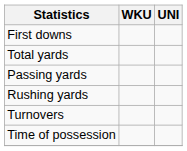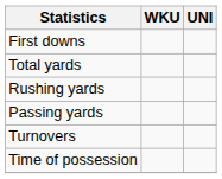 <table class="wikitable" style="float: left;">
 <tr>
 <th>Statistics</th>
 <th>WKU</th>
 <th>UNI</th>
 </tr>
 <tr>
 <td>First downs</td>
 <td></td>
 <td></td>
 </tr>
 <tr>
 <td>Total yards</td>
 <td></td>
 <td></td>
 </tr>
 <tr>
-<td>Passing yards</td>
+<td>Rushing yards</td>
 <td></td>
 <td></td>
 </tr>
 <tr>
-<td>Rushing yards</td>
+<td>Passing yards</td>
 <td></td>
 <td></td>
 </tr>
 <tr>
 <td>Turnovers</td>
 <td></td>
 <td></td>
 </tr>
 <tr>
 <td>Time of possession</td>
 <td></td>
 <td></td>
 </tr>
 <tr>
 </tr>
 </table>
